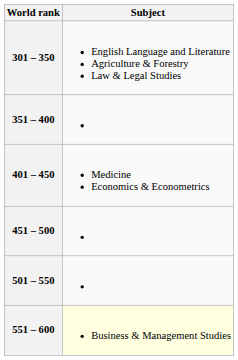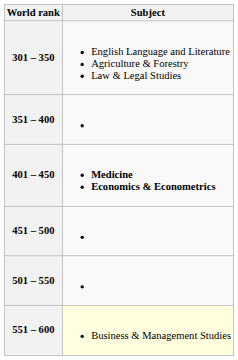 <table class="wikitable">
 <tr>
 <th>World rank</th>
 <th>Subject</th>
 </tr>
 <tr>
 <th><strong>301 – 350</strong></th>
 <td><br><ul><li>English Language and Literature</li><li>Agriculture & Forestry</li><li>Law & Legal Studies</li></ul></td>
 </tr>
 <tr>
 <th><strong>351 – 400</strong></th>
 <td><br><ul><li></li></ul></td>
 </tr>
 <tr>
 <th><strong>401 – 450</strong></th>
-<td><br><ul><li>Medicine</li><li>Economics & Econometrics</li></ul></td>
+<td><strong><br><ul><li>Medicine</li><li>Economics & Econometrics</li></ul></strong></td>
 </tr>
 <tr>
 <th><strong>451 – 500</strong></th>
 <td><br><ul><li></li></ul></td>
 </tr>
 <tr>
 <th><strong>501 – 550</strong></th>
 <td><br><ul><li></li></ul></td>
 </tr>
 <tr>
 <th><strong>551 – 600</strong></th>
 <td style="background: lightyellow;"><br><ul><li>Business & Management Studies</li></ul></td>
 </tr>
 </table>
